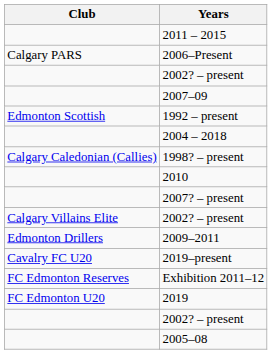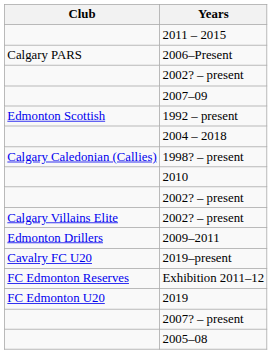 <table class="wikitable">
 <tr>
 <th>Club</th>
 <th>Years</th>
 </tr>
 <tr>
 <td></td>
 <td>2011 – 2015</td>
 </tr>
 <tr>
 <td>Calgary PARS</td>
 <td>2006–Present</td>
 </tr>
 <tr>
 <td></td>
 <td>2002? – present</td>
 </tr>
 <tr>
 <td></td>
 <td>2007–09</td>
 </tr>
 <tr>
 <td><a href='#'>Edmonton Scottish</a></td>
 <td>1992 – present</td>
 </tr>
 <tr>
 <td></td>
 <td>2004 – 2018</td>
 </tr>
 <tr>
 <td><a href='#'>Calgary Caledonian (Callies)</a></td>
 <td>1998? – present</td>
 </tr>
 <tr>
 <td></td>
 <td>2010</td>
 </tr>
 <tr>
 <td></td>
-<td>2007? – present</td>
+<td>2002? – present</td>
 </tr>
 <tr>
 <td><a href='#'>Calgary Villains Elite</a></td>
 <td>2002? – present</td>
 </tr>
 <tr>
 <td><a href='#'>Edmonton Drillers</a></td>
 <td>2009–2011</td>
 </tr>
 <tr>
 <td><a href='#'>Cavalry FC U20</a></td>
 <td>2019–present</td>
 </tr>
 <tr>
 <td><a href='#'>FC Edmonton Reserves</a></td>
 <td>Exhibition 2011–12</td>
 </tr>
 <tr>
 <td><a href='#'>FC Edmonton U20</a></td>
 <td>2019</td>
 </tr>
 <tr>
 <td></td>
-<td>2002? – present</td>
+<td>2007? – present</td>
 </tr>
 <tr>
 <td></td>
 <td>2005–08</td>
 </tr>
 </table>
